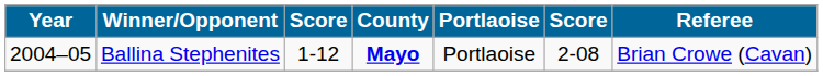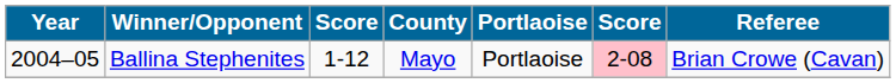 <table class="wikitable" style="text-align:center;">
 <tr>
 <th style="background:#069;color:white">Year</th>
 <th style="background:#069;color:white">Winner/Opponent</th>
 <th style="background:#069;color:white">Score</th>
 <th style="background:#069;color:white">County</th>
 <th style="background:#069;color:white">Portlaoise</th>
 <th style="background:#069;color:white">Score</th>
 <th style="background:#069;color:white">Referee</th>
 </tr>
 <tr>
 <td>2004–05</td>
 <td><a href='#'>Ballina Stephenites</a></td>
 <td>1-12</td>
-<td><strong><a href='#'>Mayo</a></strong></td>
+<td><a href='#'>Mayo</a></td>
 <td> Portlaoise</td>
-<td>2-08</td>
+<td style="background: pink;">2-08</td>
 <td><a href='#'>Brian Crowe</a> (<a href='#'>Cavan</a>)</td>
 </tr>
 <tr>
 </tr>
 </table>
